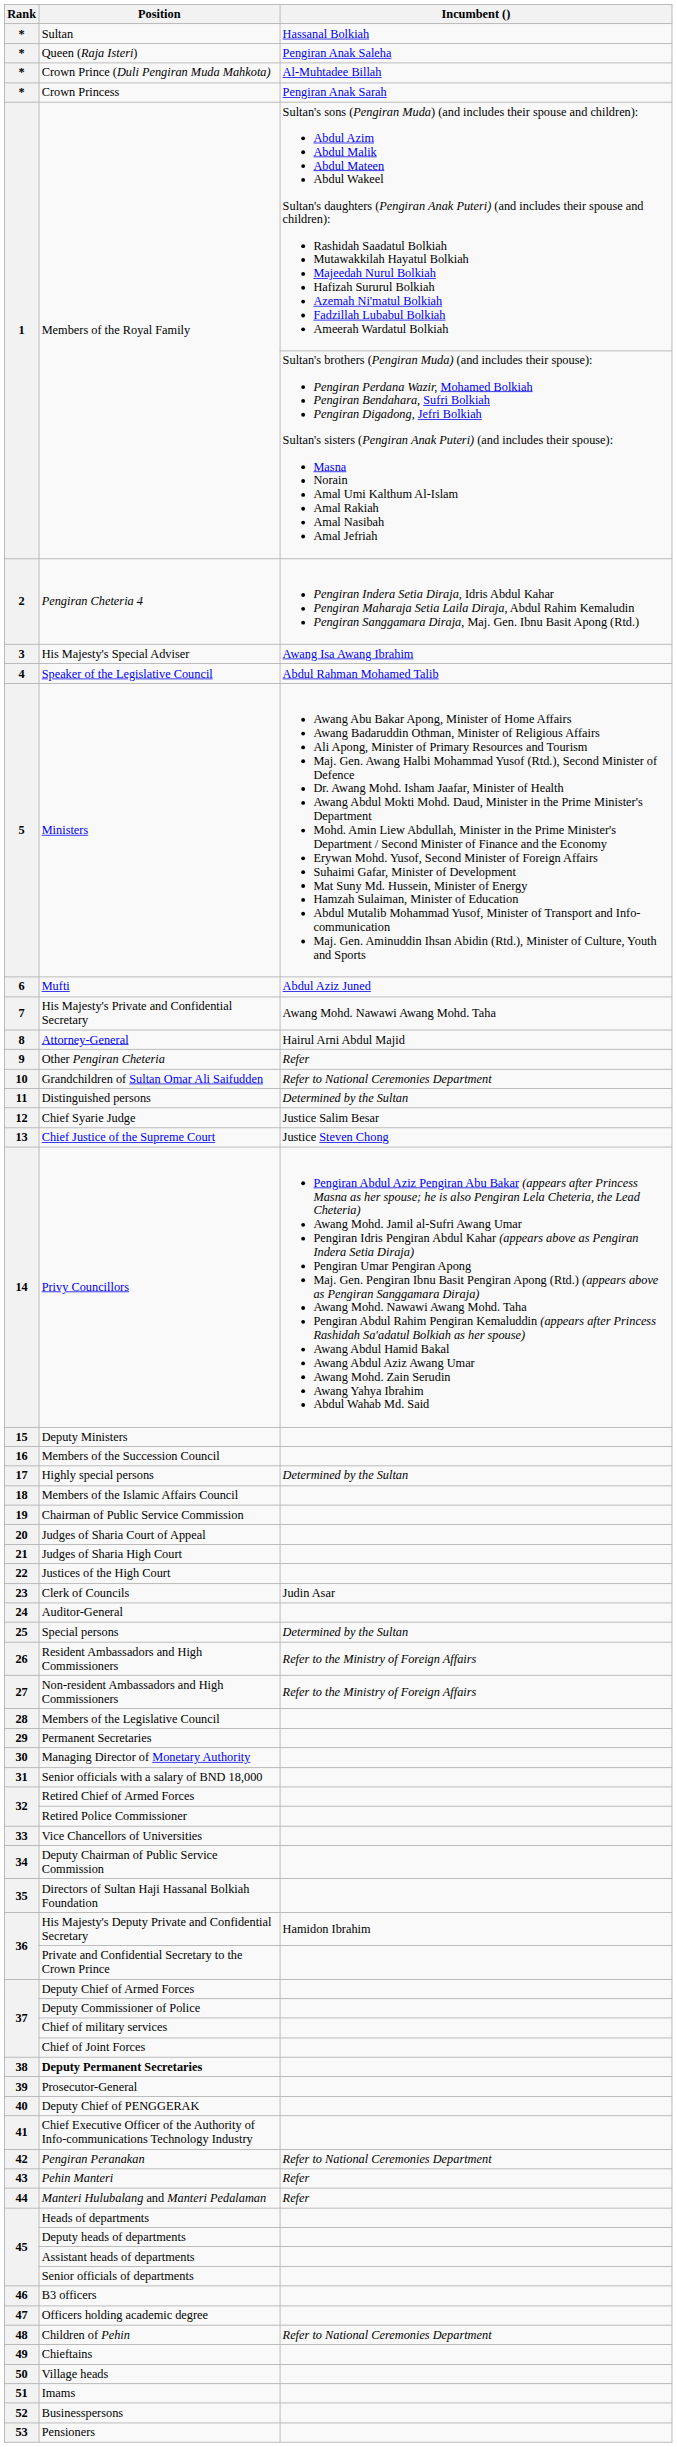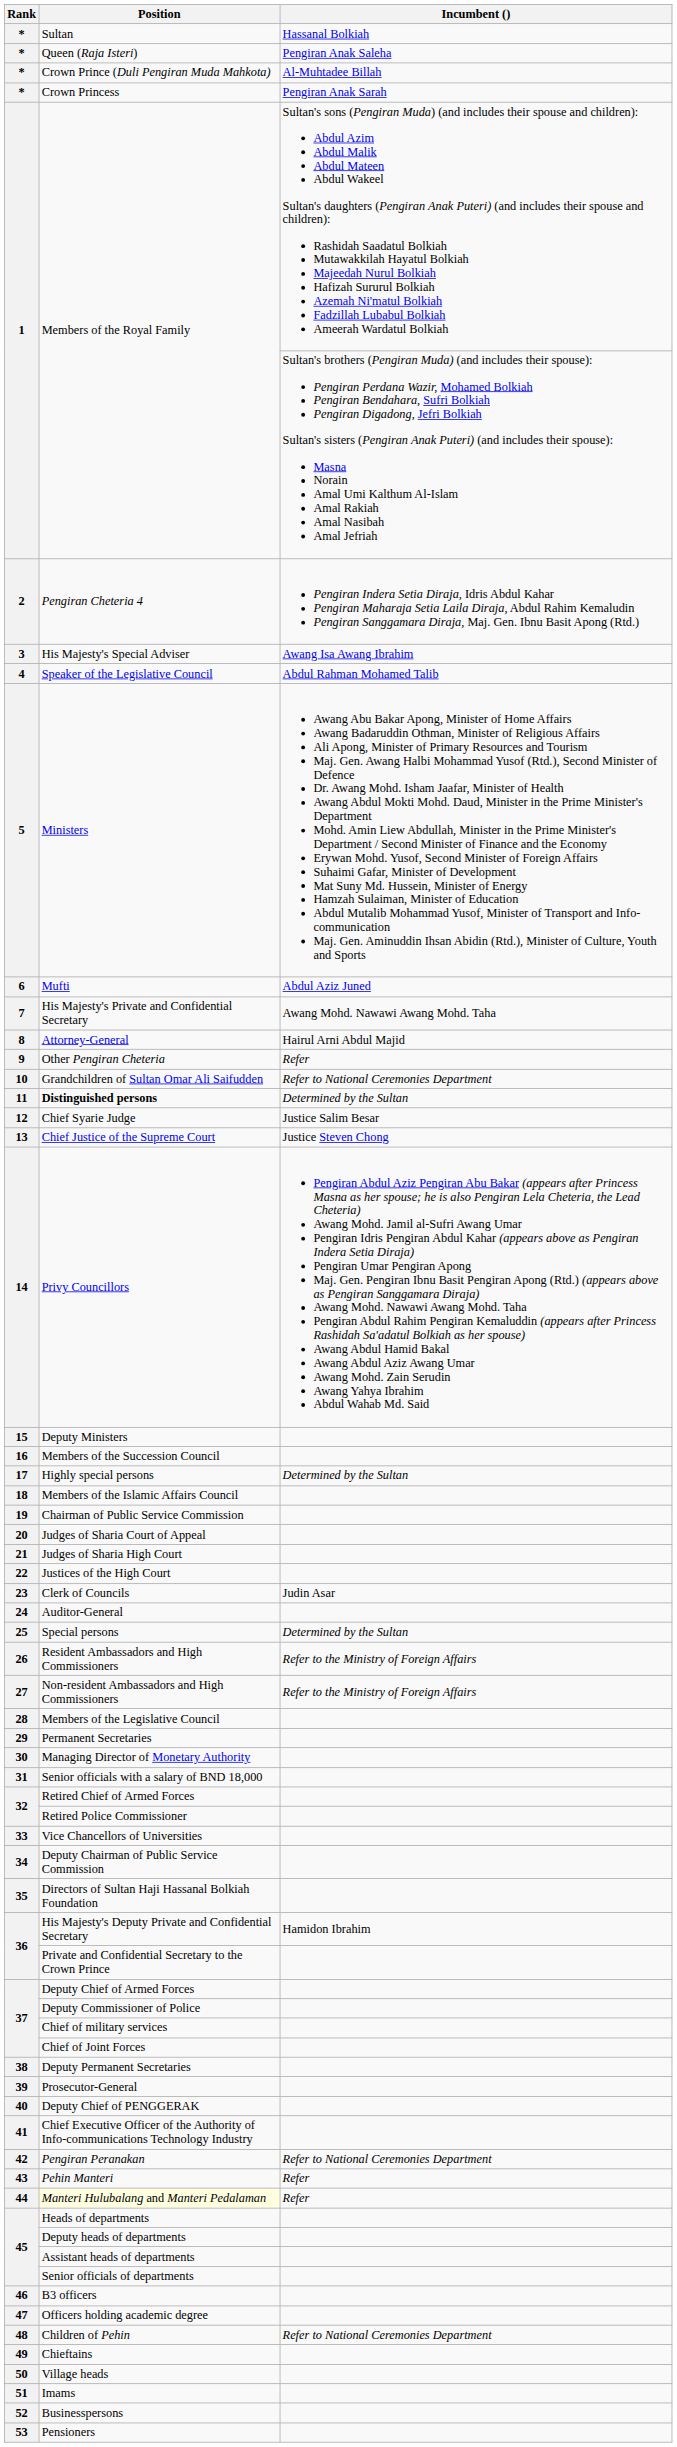 <table class="wikitable">
 <tr>
 <th>Rank</th>
 <th>Position</th>
 <th>Incumbent ()</th>
 </tr>
 <tr>
 <th>*</th>
 <td>Sultan</td>
 <td><a href='#'>Hassanal Bolkiah</a></td>
 </tr>
 <tr>
 <th>*</th>
 <td>Queen (<em>Raja Isteri</em>)</td>
 <td><a href='#'>Pengiran Anak Saleha</a></td>
 </tr>
 <tr>
 <th>*</th>
 <td>Crown Prince (<em>Duli Pengiran Muda Mahkota)</em></td>
 <td><a href='#'>Al-Muhtadee Billah</a></td>
 </tr>
 <tr>
 <th>*</th>
 <td>Crown Princess</td>
 <td><a href='#'>Pengiran Anak Sarah</a></td>
 </tr>
 <tr>
 <th rowspan="2">1</th>
 <td rowspan="2">Members of the Royal Family</td>
 <td>Sultan's sons (<em>Pengiran Muda</em>) (and includes their spouse and children):<br><ul><li><a href='#'>Abdul Azim</a></li><li><a href='#'>Abdul Malik</a></li><li><a href='#'>Abdul Mateen</a></li><li>Abdul Wakeel</li></ul>Sultan's daughters (<em>Pengiran Anak Puteri)</em> (and includes their spouse and children):<ul><li>Rashidah Saadatul Bolkiah</li><li>Mutawakkilah Hayatul Bolkiah</li><li><a href='#'>Majeedah Nurul Bolkiah</a></li><li>Hafizah Sururul Bolkiah</li><li><a href='#'>Azemah Ni'matul Bolkiah</a></li><li><a href='#'>Fadzillah Lubabul Bolkiah</a></li><li>Ameerah Wardatul Bolkiah</li></ul></td>
 </tr>
 <tr>
 <td>Sultan's brothers (<em>Pengiran Muda)</em> (and includes their spouse):<br><ul><li><em>Pengiran Perdana Wazir,</em> <a href='#'>Mohamed Bolkiah</a></li><li><em>Pengiran Bendahara,</em> <a href='#'>Sufri Bolkiah</a></li><li><em>Pengiran Digadong,</em> <a href='#'>Jefri Bolkiah</a></li></ul>Sultan's sisters (<em>Pengiran Anak Puteri)</em> (and includes their spouse):<ul><li><a href='#'>Masna</a></li><li>Norain</li><li>Amal Umi Kalthum Al-Islam</li><li>Amal Rakiah</li><li>Amal Nasibah</li><li>Amal Jefriah</li></ul></td>
 </tr>
 <tr>
 <th>2</th>
 <td><em>Pengiran Cheteria 4</em></td>
 <td><br><ul><li><em>Pengiran Indera Setia Diraja,</em> Idris Abdul Kahar</li><li><em>Pengiran Maharaja Setia Laila Diraja,</em> Abdul Rahim Kemaludin</li><li><em>Pengiran Sanggamara Diraja,</em> Maj. Gen. Ibnu Basit Apong (Rtd.)</li></ul></td>
 </tr>
 <tr>
 <th>3</th>
 <td>His Majesty's Special Adviser</td>
 <td><a href='#'>Awang Isa Awang Ibrahim</a></td>
 </tr>
 <tr>
 <th>4</th>
 <td><a href='#'>Speaker of the Legislative Council</a></td>
 <td><a href='#'>Abdul Rahman Mohamed Talib</a></td>
 </tr>
 <tr>
 <th>5</th>
 <td><a href='#'>Ministers</a></td>
 <td><br><ul><li>Awang Abu Bakar Apong, Minister of Home Affairs</li><li>Awang Badaruddin Othman, Minister of Religious Affairs</li><li>Ali Apong, Minister of Primary Resources and Tourism</li><li>Maj. Gen. Awang Halbi Mohammad Yusof (Rtd.), Second Minister of Defence</li><li>Dr. Awang Mohd. Isham Jaafar, Minister of Health</li><li>Awang Abdul Mokti Mohd. Daud, Minister in the Prime Minister's Department</li><li>Mohd. Amin Liew Abdullah, Minister in the Prime Minister's Department / Second Minister of Finance and the Economy</li><li>Erywan Mohd. Yusof, Second Minister of Foreign Affairs</li><li>Suhaimi Gafar, Minister of Development</li><li>Mat Suny Md. Hussein, Minister of Energy</li><li>Hamzah Sulaiman, Minister of Education</li><li>Abdul Mutalib Mohammad Yusof, Minister of Transport and Info-communication</li><li>Maj. Gen. Aminuddin Ihsan Abidin (Rtd.), Minister of Culture, Youth and Sports</li></ul></td>
 </tr>
 <tr>
 <th>6</th>
 <td><a href='#'>Mufti</a></td>
 <td><a href='#'>Abdul Aziz Juned</a></td>
 </tr>
 <tr>
 <th>7</th>
 <td>His Majesty's Private and Confidential Secretary</td>
 <td>Awang Mohd. Nawawi Awang Mohd. Taha</td>
 </tr>
 <tr>
 <th>8</th>
 <td><a href='#'>Attorney-General</a></td>
 <td>Hairul Arni Abdul Majid</td>
 </tr>
 <tr>
 <th>9</th>
 <td>Other <em>Pengiran Cheteria</em></td>
 <td><em>Refer </em></td>
 </tr>
 <tr>
 <th>10</th>
 <td>Grandchildren of <a href='#'>Sultan Omar Ali Saifudden</a></td>
 <td><em>Refer to National Ceremonies Department</em></td>
 </tr>
 <tr>
 <th>11</th>
-<td>Distinguished persons</td>
+<td><strong>Distinguished persons</strong></td>
 <td><em>Determined by the Sultan</em></td>
 </tr>
 <tr>
 <th>12</th>
 <td>Chief Syarie Judge</td>
 <td>Justice Salim Besar</td>
 </tr>
 <tr>
 <th>13</th>
 <td><a href='#'>Chief Justice of the Supreme Court</a></td>
 <td>Justice <a href='#'>Steven Chong</a></td>
 </tr>
 <tr>
 <th>14</th>
 <td><a href='#'>Privy Councillors</a></td>
 <td><br><ul><li><a href='#'>Pengiran Abdul Aziz Pengiran Abu Bakar</a> <em>(appears after Princess Masna as her spouse; he is also Pengiran Lela Cheteria, the Lead Cheteria)</em></li><li>Awang Mohd. Jamil al-Sufri Awang Umar</li><li>Pengiran Idris Pengiran Abdul Kahar <em>(appears above as Pengiran Indera Setia Diraja)</em></li><li>Pengiran Umar Pengiran Apong</li><li>Maj. Gen. Pengiran Ibnu Basit Pengiran Apong (Rtd.) <em>(appears above as Pengiran Sanggamara Diraja)</em></li><li>Awang Mohd. Nawawi Awang Mohd. Taha</li><li>Pengiran Abdul Rahim Pengiran Kemaluddin <em>(appears after Princess Rashidah Sa'adatul Bolkiah as her spouse)</em></li><li>Awang Abdul Hamid Bakal</li><li>Awang Abdul Aziz Awang Umar</li><li>Awang Mohd. Zain Serudin</li><li>Awang Yahya Ibrahim</li><li>Abdul Wahab Md. Said</li></ul></td>
 </tr>
 <tr>
 <th>15</th>
 <td>Deputy Ministers</td>
 <td></td>
 </tr>
 <tr>
 <th>16</th>
 <td>Members of the Succession Council</td>
 <td></td>
 </tr>
 <tr>
 <th>17</th>
 <td>Highly special persons</td>
 <td><em>Determined by the Sultan</em></td>
 </tr>
 <tr>
 <th>18</th>
 <td>Members of the Islamic Affairs Council</td>
 <td></td>
 </tr>
 <tr>
 <th>19</th>
 <td>Chairman of Public Service Commission</td>
 <td></td>
 </tr>
 <tr>
 <th>20</th>
 <td>Judges of Sharia Court of Appeal</td>
 <td></td>
 </tr>
 <tr>
 <th>21</th>
 <td>Judges of Sharia High Court</td>
 <td></td>
 </tr>
 <tr>
 <th>22</th>
 <td>Justices of the High Court</td>
 <td></td>
 </tr>
 <tr>
 <th>23</th>
 <td>Clerk of Councils</td>
 <td>Judin Asar</td>
 </tr>
 <tr>
 <th>24</th>
 <td>Auditor-General</td>
 <td></td>
 </tr>
 <tr>
 <th>25</th>
 <td>Special persons</td>
 <td><em>Determined by the Sultan</em></td>
 </tr>
 <tr>
 <th>26</th>
 <td>Resident Ambassadors and High Commissioners</td>
 <td><em>Refer to the Ministry of Foreign Affairs</em></td>
 </tr>
 <tr>
 <th>27</th>
 <td>Non-resident Ambassadors and High Commissioners</td>
 <td><em>Refer to the Ministry of Foreign Affairs</em></td>
 </tr>
 <tr>
 <th>28</th>
 <td>Members of the Legislative Council</td>
 <td></td>
 </tr>
 <tr>
 <th>29</th>
 <td>Permanent Secretaries</td>
 <td></td>
 </tr>
 <tr>
 <th>30</th>
 <td>Managing Director of <a href='#'>Monetary Authority</a></td>
 <td></td>
 </tr>
 <tr>
 <th>31</th>
 <td>Senior officials with a salary of BND 18,000</td>
 <td></td>
 </tr>
 <tr>
 <th rowspan="2">32</th>
 <td>Retired Chief of Armed Forces</td>
 <td></td>
 </tr>
 <tr>
 <td>Retired Police Commissioner</td>
 <td></td>
 </tr>
 <tr>
 <th>33</th>
 <td>Vice Chancellors of Universities</td>
 <td></td>
 </tr>
 <tr>
 <th>34</th>
 <td>Deputy Chairman of Public Service Commission</td>
 <td></td>
 </tr>
 <tr>
 <th>35</th>
 <td>Directors of Sultan Haji Hassanal Bolkiah Foundation</td>
 <td></td>
 </tr>
 <tr>
 <th rowspan="2">36</th>
 <td>His Majesty's Deputy Private and Confidential Secretary</td>
 <td>Hamidon Ibrahim</td>
 </tr>
 <tr>
 <td>Private and Confidential Secretary to the Crown Prince</td>
 <td></td>
 </tr>
 <tr>
 <th rowspan="4">37</th>
 <td>Deputy Chief of Armed Forces</td>
 <td></td>
 </tr>
 <tr>
 <td>Deputy Commissioner of Police</td>
 <td></td>
 </tr>
 <tr>
 <td>Chief of military services</td>
 <td></td>
 </tr>
 <tr>
 <td>Chief of Joint Forces</td>
 <td></td>
 </tr>
 <tr>
 <th>38</th>
-<td><strong>Deputy Permanent Secretaries</strong></td>
+<td>Deputy Permanent Secretaries</td>
 <td></td>
 </tr>
 <tr>
 <th>39</th>
 <td>Prosecutor-General</td>
 <td></td>
 </tr>
 <tr>
 <th>40</th>
 <td>Deputy Chief of PENGGERAK</td>
 <td></td>
 </tr>
 <tr>
 <th>41</th>
 <td>Chief Executive Officer of the Authority of Info-communications Technology Industry</td>
 <td></td>
 </tr>
 <tr>
 <th>42</th>
 <td><em>Pengiran Peranakan</em></td>
 <td><em>Refer to National Ceremonies Department</em></td>
 </tr>
 <tr>
 <th>43</th>
 <td><em>Pehin Manteri</em></td>
 <td><em>Refer </em></td>
 </tr>
 <tr>
 <th>44</th>
-<td><em>Manteri Hulubalang</em> and <em>Manteri Pedalaman</em></td>
+<td style="background: lightyellow;"><em>Manteri Hulubalang</em> and <em>Manteri Pedalaman</em></td>
 <td><em>Refer </em></td>
 </tr>
 <tr>
 <th rowspan="4">45</th>
 <td>Heads of departments</td>
 <td></td>
 </tr>
 <tr>
 <td>Deputy heads of departments</td>
 <td></td>
 </tr>
 <tr>
 <td>Assistant heads of departments</td>
 <td></td>
 </tr>
 <tr>
 <td>Senior officials of departments</td>
 <td></td>
 </tr>
 <tr>
 <th>46</th>
 <td>B3 officers</td>
 <td></td>
 </tr>
 <tr>
 <th>47</th>
 <td>Officers holding academic degree</td>
 <td></td>
 </tr>
 <tr>
 <th>48</th>
 <td>Children of <em>Pehin</em></td>
 <td><em>Refer to National Ceremonies Department</em></td>
 </tr>
 <tr>
 <th>49</th>
 <td>Chieftains</td>
 <td></td>
 </tr>
 <tr>
 <th>50</th>
 <td>Village heads</td>
 <td></td>
 </tr>
 <tr>
 <th>51</th>
 <td>Imams</td>
 <td></td>
 </tr>
 <tr>
 <th>52</th>
 <td>Businesspersons</td>
 <td></td>
 </tr>
 <tr>
 <th>53</th>
 <td>Pensioners</td>
 <td></td>
 </tr>
 </table>
